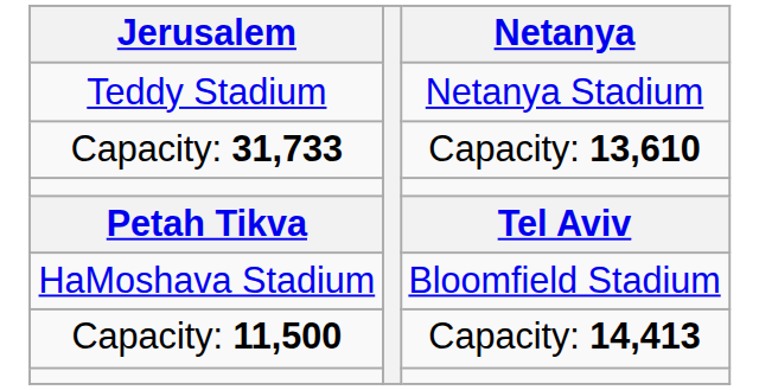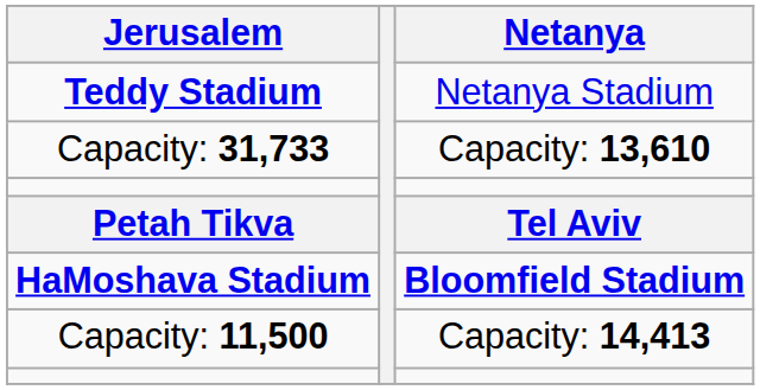 <table class="wikitable" style="text-align:center;margin:1em auto;">
 <tr>
 <th><a href='#'>Jerusalem</a></th>
 <th rowspan="8"></th>
 <th><a href='#'>Netanya</a></th>
 </tr>
 <tr>
-<td><a href='#'>Teddy Stadium</a></td>
+<td><strong><a href='#'>Teddy Stadium</a></strong></td>
 <td><a href='#'>Netanya Stadium</a></td>
 </tr>
 <tr>
 <td>Capacity: <strong>31,733</strong></td>
 <td>Capacity: <strong>13,610</strong></td>
 </tr>
 <tr>
 <td></td>
 <td></td>
 </tr>
 <tr>
 <th><a href='#'>Petah Tikva</a></th>
 <th><a href='#'>Tel Aviv</a></th>
 </tr>
 <tr>
-<td><a href='#'>HaMoshava Stadium</a></td>
-<td><a href='#'>Bloomfield Stadium</a></td>
+<td><strong><a href='#'>HaMoshava Stadium</a></strong></td>
+<td><strong><a href='#'>Bloomfield Stadium</a></strong></td>
 </tr>
 <tr>
 <td>Capacity: <strong>11,500</strong></td>
 <td>Capacity: <strong>14,413</strong><br></td>
 </tr>
 <tr>
 <td></td>
 <td></td>
 </tr>
 </table>
